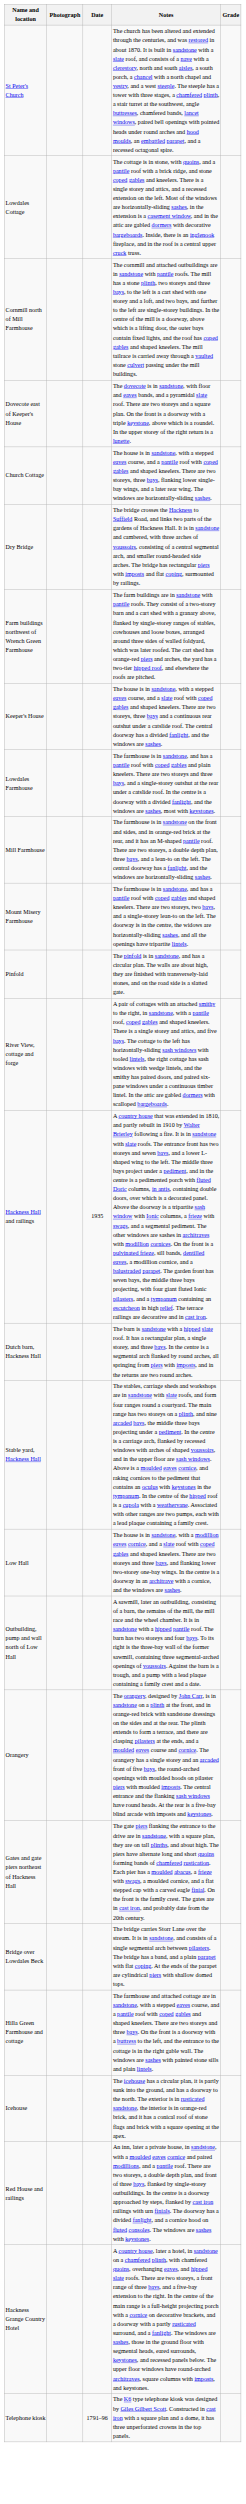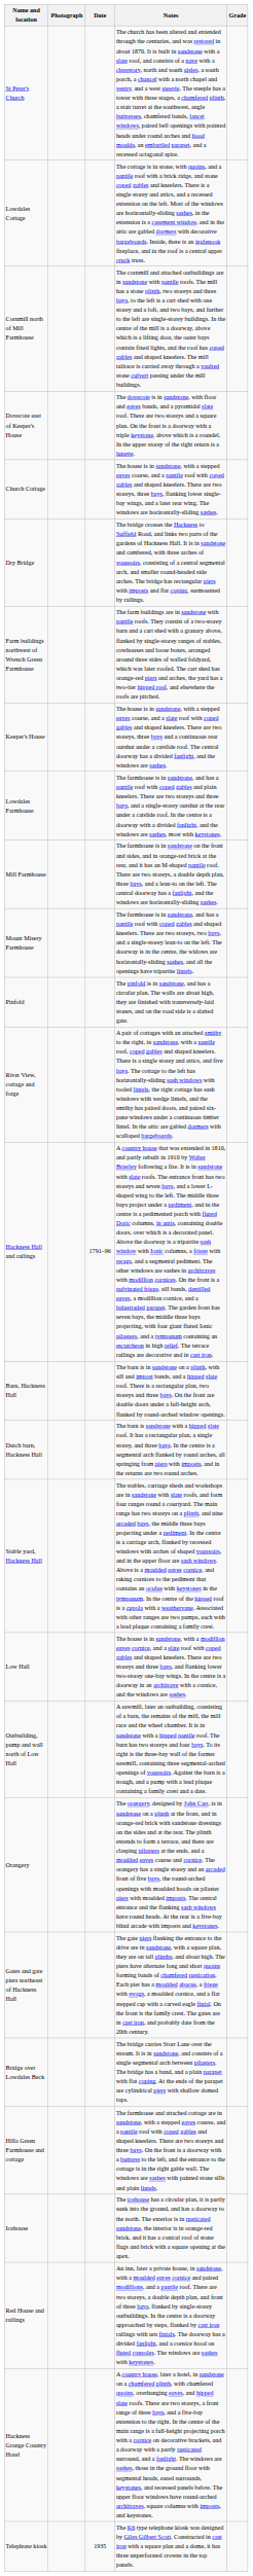 <table class="wikitable sortable plainrowheaders" style="width:100%; border:0px; text-align:left; line-height:150%">
 <tr>
 <th scope="col"  style="width:150px">Name and location</th>
 <th scope="col"  style="width:100px" class="unsortable">Photograph</th>
 <th scope="col"  style="width:120px">Date</th>
 <th scope="col"  style="width:650px" class="unsortable">Notes</th>
 <th scope="col"  style="width:50px">Grade</th>
 </tr>
 <tr>
 <td><a href='#'>St Peter's Church</a><br><small></small></td>
 <td></td>
 <td align="center"></td>
 <td>The church has been altered and extended through the centuries, and was <a href='#'>restored</a> in about 1870.  It is built in <a href='#'>sandstone</a> with a <a href='#'>slate</a> roof, and consists of a <a href='#'>nave</a> with a <a href='#'>clerestory</a>, north and south <a href='#'>aisles</a>, a south porch, a <a href='#'>chancel</a> with a north chapel and <a href='#'>vestry</a>, and a west <a href='#'>steeple</a>.  The steeple has a tower with three stages, a <a href='#'>chamfered</a> <a href='#'>plinth</a>, a stair turret at the southwest, angle <a href='#'>buttresses</a>, chamfered bands, <a href='#'>lancet windows</a>, paired bell openings with pointed heads under round arches and <a href='#'>hood moulds</a>, an <a href='#'>embattled</a> <a href='#'>parapet</a>, and a recessed octagonal spire.</td>
 <td align="center" ></td>
 </tr>
 <tr>
 <td>Lowdales Cottage<br><small></small></td>
 <td></td>
 <td align="center"></td>
 <td>The cottage is in stone, with <a href='#'>quoins</a>, and a <a href='#'>pantile</a> roof with a brick ridge, and stone <a href='#'>coped</a> <a href='#'>gables</a> and kneelers.  There is a single storey and attics, and a recessed extension on the left.  Most of the windows are horizontally-sliding <a href='#'>sashes</a>, in the extension is a <a href='#'>casement window</a>, and in the attic are gabled <a href='#'>dormers</a> with decorative <a href='#'>bargeboards</a>.  Inside, there is an <a href='#'>inglenook</a> fireplace, and in the roof is a central upper <a href='#'>cruck</a> truss.</td>
 <td align="center" ></td>
 </tr>
 <tr>
 <td>Cornmill north of Mill Farmhouse<br><small></small></td>
 <td></td>
 <td align="center"></td>
 <td>The cornmill and attached outbuildings are in <a href='#'>sandstone</a> with <a href='#'>pantile</a> roofs.  The mill has a stone <a href='#'>plinth</a>, two storeys and three <a href='#'>bays</a>, to the left is a cart shed with one storey and a loft, and two bays, and further to the left are single-storey buildings.  In the centre of the mill is a doorway, above which is a lifting door, the outer bays contain fixed lights, and the roof has <a href='#'>coped</a> <a href='#'>gables</a> and shaped kneelers.  The mill tailrace is carried away through a <a href='#'>vaulted</a> stone <a href='#'>culvert</a> passing under the mill buildings.</td>
 <td align="center" ></td>
 </tr>
 <tr>
 <td>Dovecote east of Keeper's House<br><small></small></td>
 <td></td>
 <td align="center"></td>
 <td>The <a href='#'>dovecote</a> is in <a href='#'>sandstone</a>, with floor and <a href='#'>eaves</a> bands, and a pyramidal <a href='#'>slate</a> roof.  There are two storeys and a square plan.  On the front is a doorway with a triple <a href='#'>keystone</a>, above which is a roundel.  In the upper storey of the right return is a <a href='#'>lunette</a>.</td>
 <td align="center" ></td>
 </tr>
 <tr>
 <td>Church Cottage<br><small></small></td>
 <td></td>
 <td align="center"></td>
 <td>The house is in <a href='#'>sandstone</a>, with a stepped <a href='#'>eaves</a> course, and a <a href='#'>pantile</a> roof with <a href='#'>coped</a> <a href='#'>gables</a> and shaped kneelers.  There are two storeys, three <a href='#'>bays</a>, flanking lower single-bay wings, and a later rear wing.  The windows are horizontally-sliding <a href='#'>sashes</a>.</td>
 <td align="center" ></td>
 </tr>
 <tr>
 <td>Dry Bridge<br><small></small></td>
 <td></td>
 <td align="center"></td>
 <td>The bridge crosses the <a href='#'>Hackness</a> to <a href='#'>Suffield</a> Road, and links two parts of the gardens of Hackness Hall.  It is in <a href='#'>sandstone</a> and cambered, with three arches of <a href='#'>voussoirs</a>, consisting of a central segmental arch, and smaller round-headed side arches.  The bridge has rectangular <a href='#'>piers</a> with <a href='#'>imposts</a> and flat <a href='#'>coping</a>, surmounted by railings.</td>
 <td align="center" ></td>
 </tr>
 <tr>
 <td>Farm buildings northwest of Wrench Green Farmhouse<br><small></small></td>
 <td></td>
 <td align="center"></td>
 <td>The farm buildings are in <a href='#'>sandstone</a> with <a href='#'>pantile</a> roofs.  They consist of a two-storey barn and a cart shed with a granary above, flanked by single-storey ranges of stables, cowhouses and loose boxes, arranged around three sides of walled foldyard, which was later roofed.  The cart shed has orange-red <a href='#'>piers</a> and arches, the yard has a two-tier <a href='#'>hipped roof</a>, and elsewhere the roofs are pitched.</td>
 <td align="center" ></td>
 </tr>
 <tr>
 <td>Keeper's House<br><small></small></td>
 <td></td>
 <td align="center"></td>
 <td>The house is in <a href='#'>sandstone</a>, with a stepped <a href='#'>eaves</a> course, and a <a href='#'>slate</a> roof with <a href='#'>coped</a> <a href='#'>gables</a> and shaped kneelers.  There are two storeys, three <a href='#'>bays</a> and a continuous rear outshut under a catslide roof.  The central doorway has a divided <a href='#'>fanlight</a>, and the windows are <a href='#'>sashes</a>.</td>
 <td align="center" ></td>
 </tr>
 <tr>
 <td>Lowdales Farmhouse<br><small></small></td>
 <td></td>
 <td align="center"></td>
 <td>The farmhouse is in <a href='#'>sandstone</a>, and has a <a href='#'>pantile</a> roof with <a href='#'>coped</a> <a href='#'>gables</a> and plain kneelers.  There are two storeys and three <a href='#'>bays</a>, and a single-storey outshut at the rear under a catslide roof.  In the centre is a doorway with a divided <a href='#'>fanlight</a>, and the windows are <a href='#'>sashes</a>, most with <a href='#'>keystones</a>.</td>
 <td align="center" ></td>
 </tr>
 <tr>
 <td>Mill Farmhouse<br><small></small></td>
 <td></td>
 <td align="center"></td>
 <td>The farmhouse is in <a href='#'>sandstone</a> on the front and sides, and in orange-red brick at the rear, and it has an M-shaped <a href='#'>pantile</a> roof.  There are two storeys, a double depth plan, three <a href='#'>bays</a>, and a lean-to on the left.  The central doorway has a <a href='#'>fanlight</a>, and the windows are horizontally-sliding <a href='#'>sashes</a>.</td>
 <td align="center" ></td>
 </tr>
 <tr>
 <td>Mount Misery Farmhouse<br><small></small></td>
 <td></td>
 <td align="center"></td>
 <td>The farmhouse is in <a href='#'>sandstone</a>, and has a <a href='#'>pantile</a> roof with <a href='#'>coped</a> <a href='#'>gables</a> and shaped kneelers.  There are two storeys, two <a href='#'>bays</a>, and a single-storey lean-to on the left.  The doorway is in the centre, the widows are horizontally-sliding <a href='#'>sashes</a>, and all the openings have tripartite <a href='#'>lintels</a>.</td>
 <td align="center" ></td>
 </tr>
 <tr>
 <td>Pinfold<br><small></small></td>
 <td></td>
 <td align="center"></td>
 <td>The <a href='#'>pinfold</a> is in <a href='#'>sandstone</a>, and has a circular plan.  The walls are about  high, they are finished with transversely-laid stones, and on the road side is a slatted gate.</td>
 <td align="center" ></td>
 </tr>
 <tr>
 <td>River View, cottage and forge<br><small></small></td>
 <td></td>
 <td align="center"></td>
 <td>A pair of cottages with an attached <a href='#'>smithy</a> to the right, in <a href='#'>sandstone</a>, with a <a href='#'>pantile</a> roof, <a href='#'>coped</a> <a href='#'>gables</a> and shaped kneelers.  There is a single storey and attics, and five <a href='#'>bays</a>.  The cottage to the left has horizontally-sliding <a href='#'>sash windows</a> with tooled <a href='#'>lintels</a>, the right cottage has sash windows with wedge lintels, and the smithy has paired doors, and paired six-pane windows under a continuous timber lintel.  In the attic are gabled <a href='#'>dormers</a> with scalloped <a href='#'>bargeboards</a>.</td>
 <td align="center" ></td>
 </tr>
 <tr>
 <td><a href='#'>Hackness Hall</a> and railings<br><small></small></td>
 <td></td>
-<td align="center">1935</td>
+<td align="center">1791–96</td>
 <td>A <a href='#'>country house</a> that was extended in 1810, and partly rebuilt in 1910 by <a href='#'>Walter Brierley</a> following a fire.  It is in <a href='#'>sandstone</a> with <a href='#'>slate</a> roofs.  The entrance front has two storeys and seven <a href='#'>bays</a>, and a lower L-shaped wing to the left.  The middle three bays project under a <a href='#'>pediment</a>, and in the centre is a pedimented porch with <a href='#'>fluted</a> <a href='#'>Doric</a> columns, <a href='#'>in antis</a>, containing double doors, over which is a decorated panel.  Above the doorway is a tripartite <a href='#'>sash window</a> with <a href='#'>Ionic</a> columns, a <a href='#'>frieze</a> with <a href='#'>swags</a>, and a segmental pediment.  The other windows are sashes in <a href='#'>architraves</a> with <a href='#'>modillion</a> <a href='#'>cornices</a>.  On the front is a <a href='#'>pulvinated frieze</a>, sill bands, <a href='#'>dentilled</a> <a href='#'>eaves</a>, a modillion cornice, and a <a href='#'>balustraded</a> <a href='#'>parapet</a>.  The garden front has seven bays, the middle three bays projecting, with four giant fluted Ionic <a href='#'>pilasters</a>, and a <a href='#'>tympanum</a> containing an <a href='#'>escutcheon</a> in high <a href='#'>relief</a>.  The terrace railings are decorative and in <a href='#'>cast iron</a>.</td>
+<td align="center" ></td>
+</tr>
+<tr>
+<td>Barn, Hackness Hall<br><small></small></td>
+<td></td>
+<td align="center"></td>
+<td>The barn is in <a href='#'>sandstone</a> on a <a href='#'>plinth</a>, with sill and <a href='#'>impost</a> bands, and a <a href='#'>hipped</a> <a href='#'>slate</a> roof.  There is a rectangular plan, two storeys and three <a href='#'>bays</a>.  On the front are double doors under a full-height arch, flanked by round-arched window openings.</td>
 <td align="center" ></td>
 </tr>
 <tr>
 <td>Dutch barn, Hackness Hall<br><small></small></td>
 <td></td>
 <td align="center"></td>
 <td>The barn is <a href='#'>sandstone</a> with a <a href='#'>hipped</a> <a href='#'>slate</a> roof.  It has a rectangular plan, a single storey, and three <a href='#'>bays</a>.  In the centre is a segmental arch flanked by round arches, all springing from <a href='#'>piers</a> with <a href='#'>imposts</a>, and in the returns are two round arches.</td>
 <td align="center" ></td>
 </tr>
 <tr>
 <td>Stable yard, <a href='#'>Hackness Hall</a><br><small></small></td>
 <td></td>
 <td align="center"></td>
 <td>The stables, carriage sheds and workshops are in <a href='#'>sandstone</a> with <a href='#'>slate</a> roofs, and form four ranges round a courtyard.  The main range has two storeys on a <a href='#'>plinth</a>, and nine <a href='#'>arcaded</a> <a href='#'>bays</a>, the middle three bays projecting under a <a href='#'>pediment</a>. In the centre is a carriage arch, flanked by recessed windows with arches of shaped <a href='#'>voussoirs</a>, and in the upper floor are <a href='#'>sash windows</a>.  Above is a <a href='#'>moulded</a> <a href='#'>eaves</a> <a href='#'>cornice</a>, and raking cornices to the pediment that contains an <a href='#'>oculus</a> with <a href='#'>keystones</a> in the <a href='#'>tympanum</a>.  In the centre of the <a href='#'>hipped</a> roof is a <a href='#'>cupola</a> with a <a href='#'>weathervane</a>.  Associated with other ranges are two pumps, each with a lead plaque containing a family crest.</td>
 <td align="center" ></td>
 </tr>
 <tr>
 <td>Low Hall<br><small></small></td>
 <td></td>
 <td align="center"></td>
 <td>The house is in <a href='#'>sandstone</a>, with a <a href='#'>modillion</a> <a href='#'>eaves</a> <a href='#'>cornice</a>, and a <a href='#'>slate</a> roof with <a href='#'>coped</a> <a href='#'>gables</a> and shaped kneelers.  There are two storeys and three <a href='#'>bays</a>, and flanking lower two-storey one-bay wings.  In the centre is a doorway in an <a href='#'>architrave</a> with a cornice, and the windows are <a href='#'>sashes</a>.</td>
 <td align="center" ></td>
 </tr>
 <tr>
 <td>Outbuilding, pump and wall north of Low Hall<br><small></small></td>
 <td></td>
 <td align="center"></td>
 <td>A sawmill, later an outbuilding, consisting of a barn, the remains of the mill, the mill race and the wheel chamber.  It is in <a href='#'>sandstone</a> with a <a href='#'>hipped</a> <a href='#'>pantile</a> roof.  The barn has two storeys and four <a href='#'>bays</a>.  To its right is the three-bay wall of the former sawmill, containing three segmental-arched openings of <a href='#'>voussoirs</a>.  Against the barn is a trough, and a pump with a lead plaque containing a family crest and a date.</td>
 <td align="center" ></td>
 </tr>
 <tr>
 <td>Orangery<br><small></small></td>
 <td></td>
 <td align="center"></td>
 <td>The <a href='#'>orangery</a>, designed by <a href='#'>John Carr</a>, is in <a href='#'>sandstone</a> on a <a href='#'>plinth</a> at the front, and in orange-red brick with sandstone dressings on the sides and at the rear.  The plinth extends to form a terrace, and there are clasping <a href='#'>pilasters</a> at the ends, and a <a href='#'>moulded</a> <a href='#'>eaves</a> course and <a href='#'>cornice</a>.  The orangery has a single storey and an <a href='#'>arcaded</a> front of five <a href='#'>bays</a>, the round-arched openings with moulded hoods on pilaster <a href='#'>piers</a> with moulded <a href='#'>imposts</a>.  The central entrance and the flanking <a href='#'>sash windows</a> have round heads.  At the rear is a five-bay blind arcade with imposts and <a href='#'>keystones</a>.</td>
 <td align="center" ></td>
 </tr>
 <tr>
 <td>Gates and gate piers northeast of Hackness Hall<br><small></small></td>
 <td></td>
 <td align="center"></td>
 <td>The gate <a href='#'>piers</a> flanking the entrance to the drive are in <a href='#'>sandstone</a>, with a square plan, they are on tall <a href='#'>plinths</a>, and about  high.  The piers have alternate long and short <a href='#'>quoins</a> forming bands of <a href='#'>chamfered</a> <a href='#'>rustication</a>. Each pier has a <a href='#'>moulded</a> <a href='#'>abacus</a>, a <a href='#'>frieze</a> with <a href='#'>swags</a>, a moulded cornice, and a flat stepped cap with a carved eagle <a href='#'>finial</a>.  On the front is the family crest.  The gates are in <a href='#'>cast iron</a>, and probably date from the 20th century.</td>
 <td align="center" ></td>
 </tr>
 <tr>
 <td>Bridge over Lowdales Beck<br><small></small></td>
 <td></td>
 <td align="center"></td>
 <td>The bridge carries Storr Lane over the stream.  It is in <a href='#'>sandstone</a>, and consists of a single segmental arch between <a href='#'>pilasters</a>.  The bridge has a band, and a plain <a href='#'>parapet</a> with flat <a href='#'>coping</a>.  At the ends of the parapet are cylindrical <a href='#'>piers</a> with shallow domed tops.</td>
 <td align="center" ></td>
 </tr>
 <tr>
 <td>Hilla Green Farmhouse and cottage<br><small></small></td>
 <td></td>
 <td align="center"></td>
 <td>The farmhouse and attached cottage are in <a href='#'>sandstone</a>, with a stepped <a href='#'>eaves</a> course, and a <a href='#'>pantile</a> roof with <a href='#'>coped</a> <a href='#'>gables</a> and shaped kneelers.  There are two storeys and three <a href='#'>bays</a>.  On the front is a doorway with a <a href='#'>buttress</a> to the left, and the entrance to the cottage is in the right gable wall.  The windows are <a href='#'>sashes</a> with painted stone sills and plain <a href='#'>lintels</a>.</td>
 <td align="center" ></td>
 </tr>
 <tr>
 <td>Icehouse<br><small></small></td>
 <td></td>
 <td align="center"></td>
 <td>The <a href='#'>icehouse</a> has a circular plan, it is partly sunk into the ground, and has a doorway to the north.  The exterior is in <a href='#'>rusticated</a> <a href='#'>sandstone</a>, the interior is in orange-red brick, and it has a conical roof of stone flags and brick with a square opening at the apex.</td>
 <td align="center" ></td>
 </tr>
 <tr>
 <td>Red House and railings<br><small></small></td>
 <td></td>
 <td align="center"></td>
 <td>An inn, later a private house, in <a href='#'>sandstone</a>, with a <a href='#'>moulded</a> <a href='#'>eaves</a> <a href='#'>cornice</a> and paired <a href='#'>modillions</a>, and a <a href='#'>pantile</a> roof.  There are two storeys, a double depth plan, and front of three <a href='#'>bays</a>, flanked by single-storey outbuildings.  In the centre is a doorway approached by steps, flanked by <a href='#'>cast iron</a> railings with urn <a href='#'>finials</a>.  The doorway has a divided <a href='#'>fanlight</a>, and a cornice hood on <a href='#'>fluted</a> <a href='#'>consoles</a>.  The windows are <a href='#'>sashes</a> with <a href='#'>keystones</a>.</td>
 <td align="center" ></td>
 </tr>
 <tr>
 <td>Hackness Grange Country Hotel<br><small></small></td>
 <td></td>
 <td align="center"></td>
 <td>A <a href='#'>country house</a>, later a hotel, in <a href='#'>sandstone</a> on a <a href='#'>chamfered</a> <a href='#'>plinth</a>, with chamfered <a href='#'>quoins</a>, overhanging <a href='#'>eaves</a>, and <a href='#'>hipped</a> <a href='#'>slate</a> roofs.  There are two storeys, a front range of three <a href='#'>bays</a>, and a five-bay extension to the right.  In the centre of the main range is a full-height projecting porch with a <a href='#'>cornice</a> on decorative brackets, and a doorway with a partly <a href='#'>rusticated</a> surround, and a <a href='#'>fanlight</a>.  The windows are <a href='#'>sashes</a>, those in the ground floor with segmental heads, eared surrounds, <a href='#'>keystones</a>, and recessed panels below.  The upper floor windows have round-arched <a href='#'>architraves</a>, square columns with <a href='#'>imposts</a>, and keystones.</td>
 <td align="center" ></td>
 </tr>
 <tr>
 <td>Telephone kiosk<br><small></small></td>
 <td></td>
-<td align="center">1791–96</td>
+<td align="center">1935</td>
 <td>The <a href='#'>K6</a> type telephone kiosk was designed by <a href='#'>Giles Gilbert Scott</a>.  Constructed in <a href='#'>cast iron</a> with a square plan and a dome, it has three unperforated crowns in the top panels.</td>
 <td align="center" ></td>
 </tr>
 <tr>
 </tr>
 </table>
